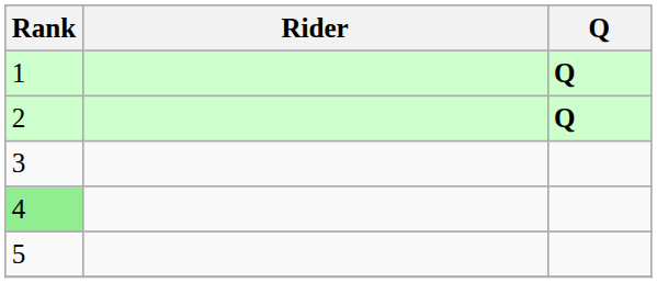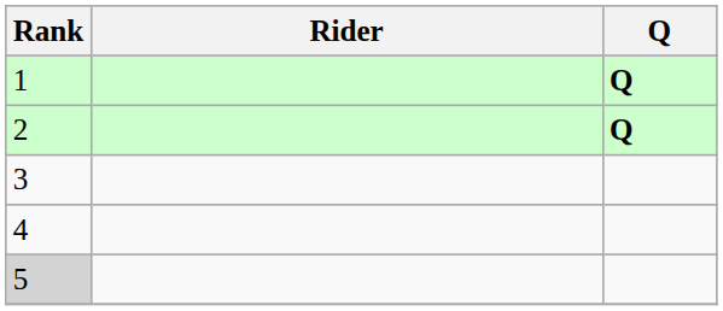 <table class="wikitable" style="font-size:95%" style="text-align:center">
 <tr>
 <th>Rank</th>
 <th width=250>Rider</th>
 <th width=50>Q</th>
 </tr>
 <tr bgcolor=ccffcc>
 <td>1</td>
 <td align=left></td>
 <td><strong>Q</strong></td>
 </tr>
 <tr bgcolor=ccffcc>
 <td>2</td>
 <td align=left></td>
 <td><strong>Q</strong></td>
 </tr>
 <tr>
 <td>3</td>
 <td align=left></td>
 <td></td>
 </tr>
 <tr>
-<td style="background: lightgreen;">4</td>
+<td>4</td>
 <td align=left></td>
 <td></td>
 </tr>
 <tr>
-<td>5</td>
+<td style="background: lightgrey;">5</td>
 <td align=left></td>
 <td></td>
 </tr>
 <tr>
 </tr>
 </table>
